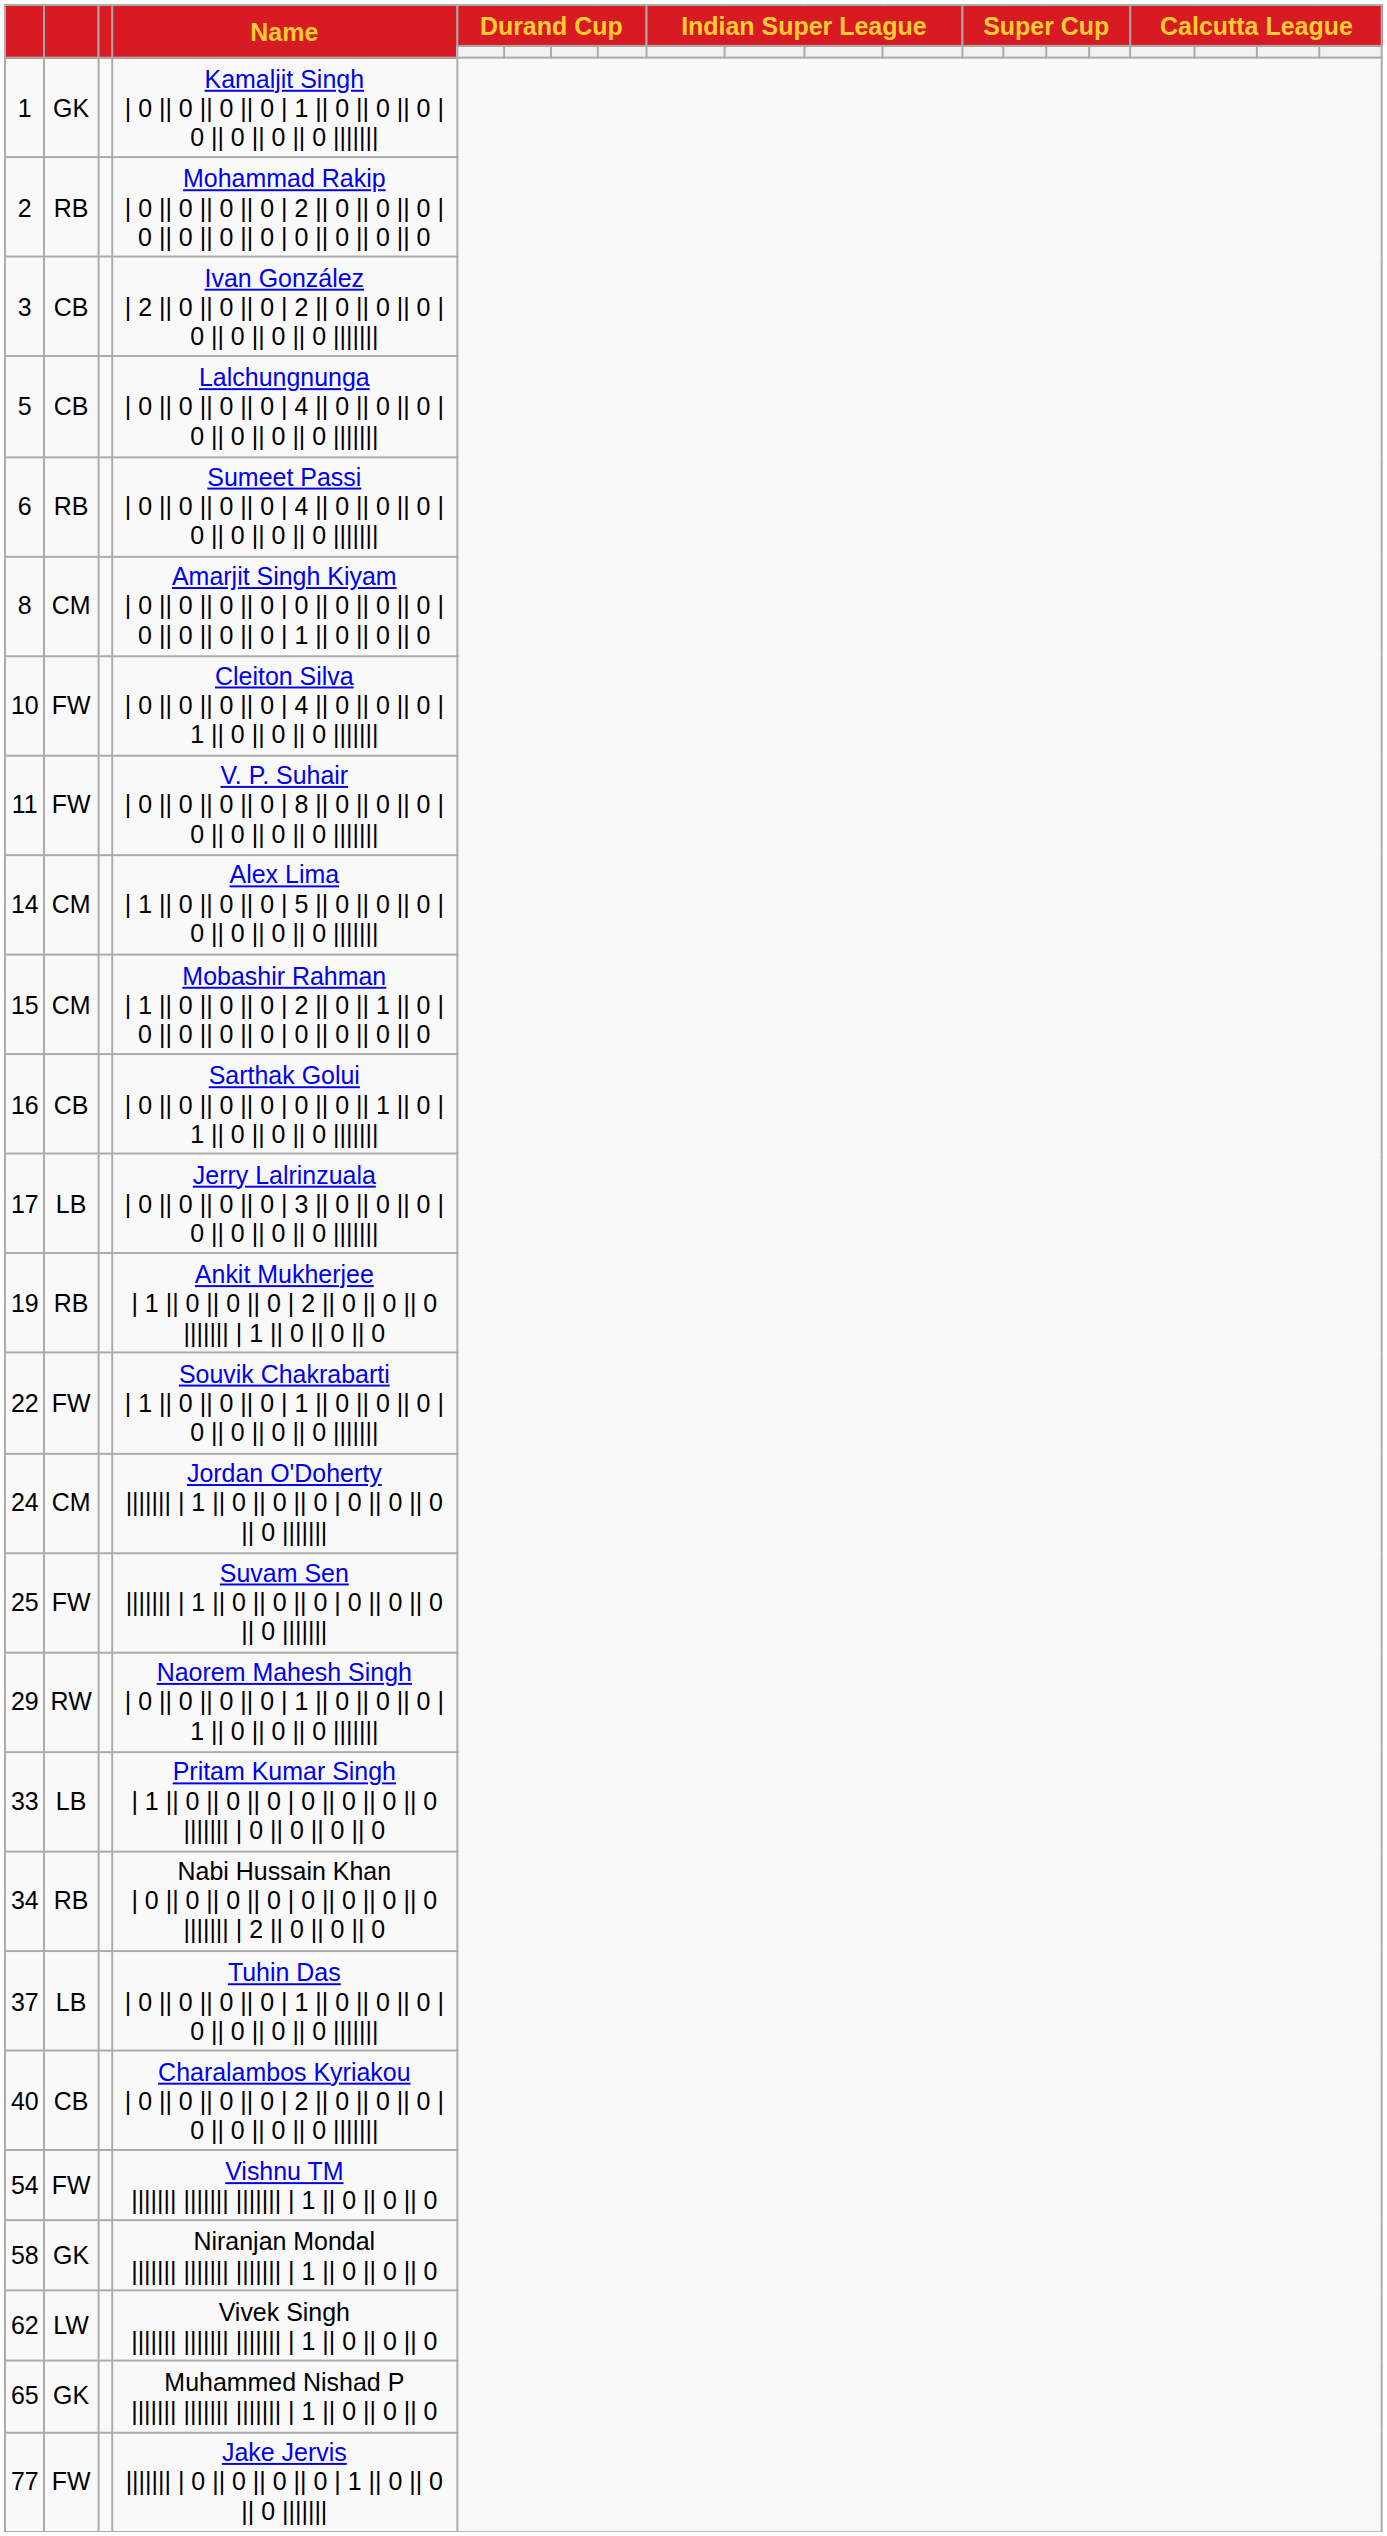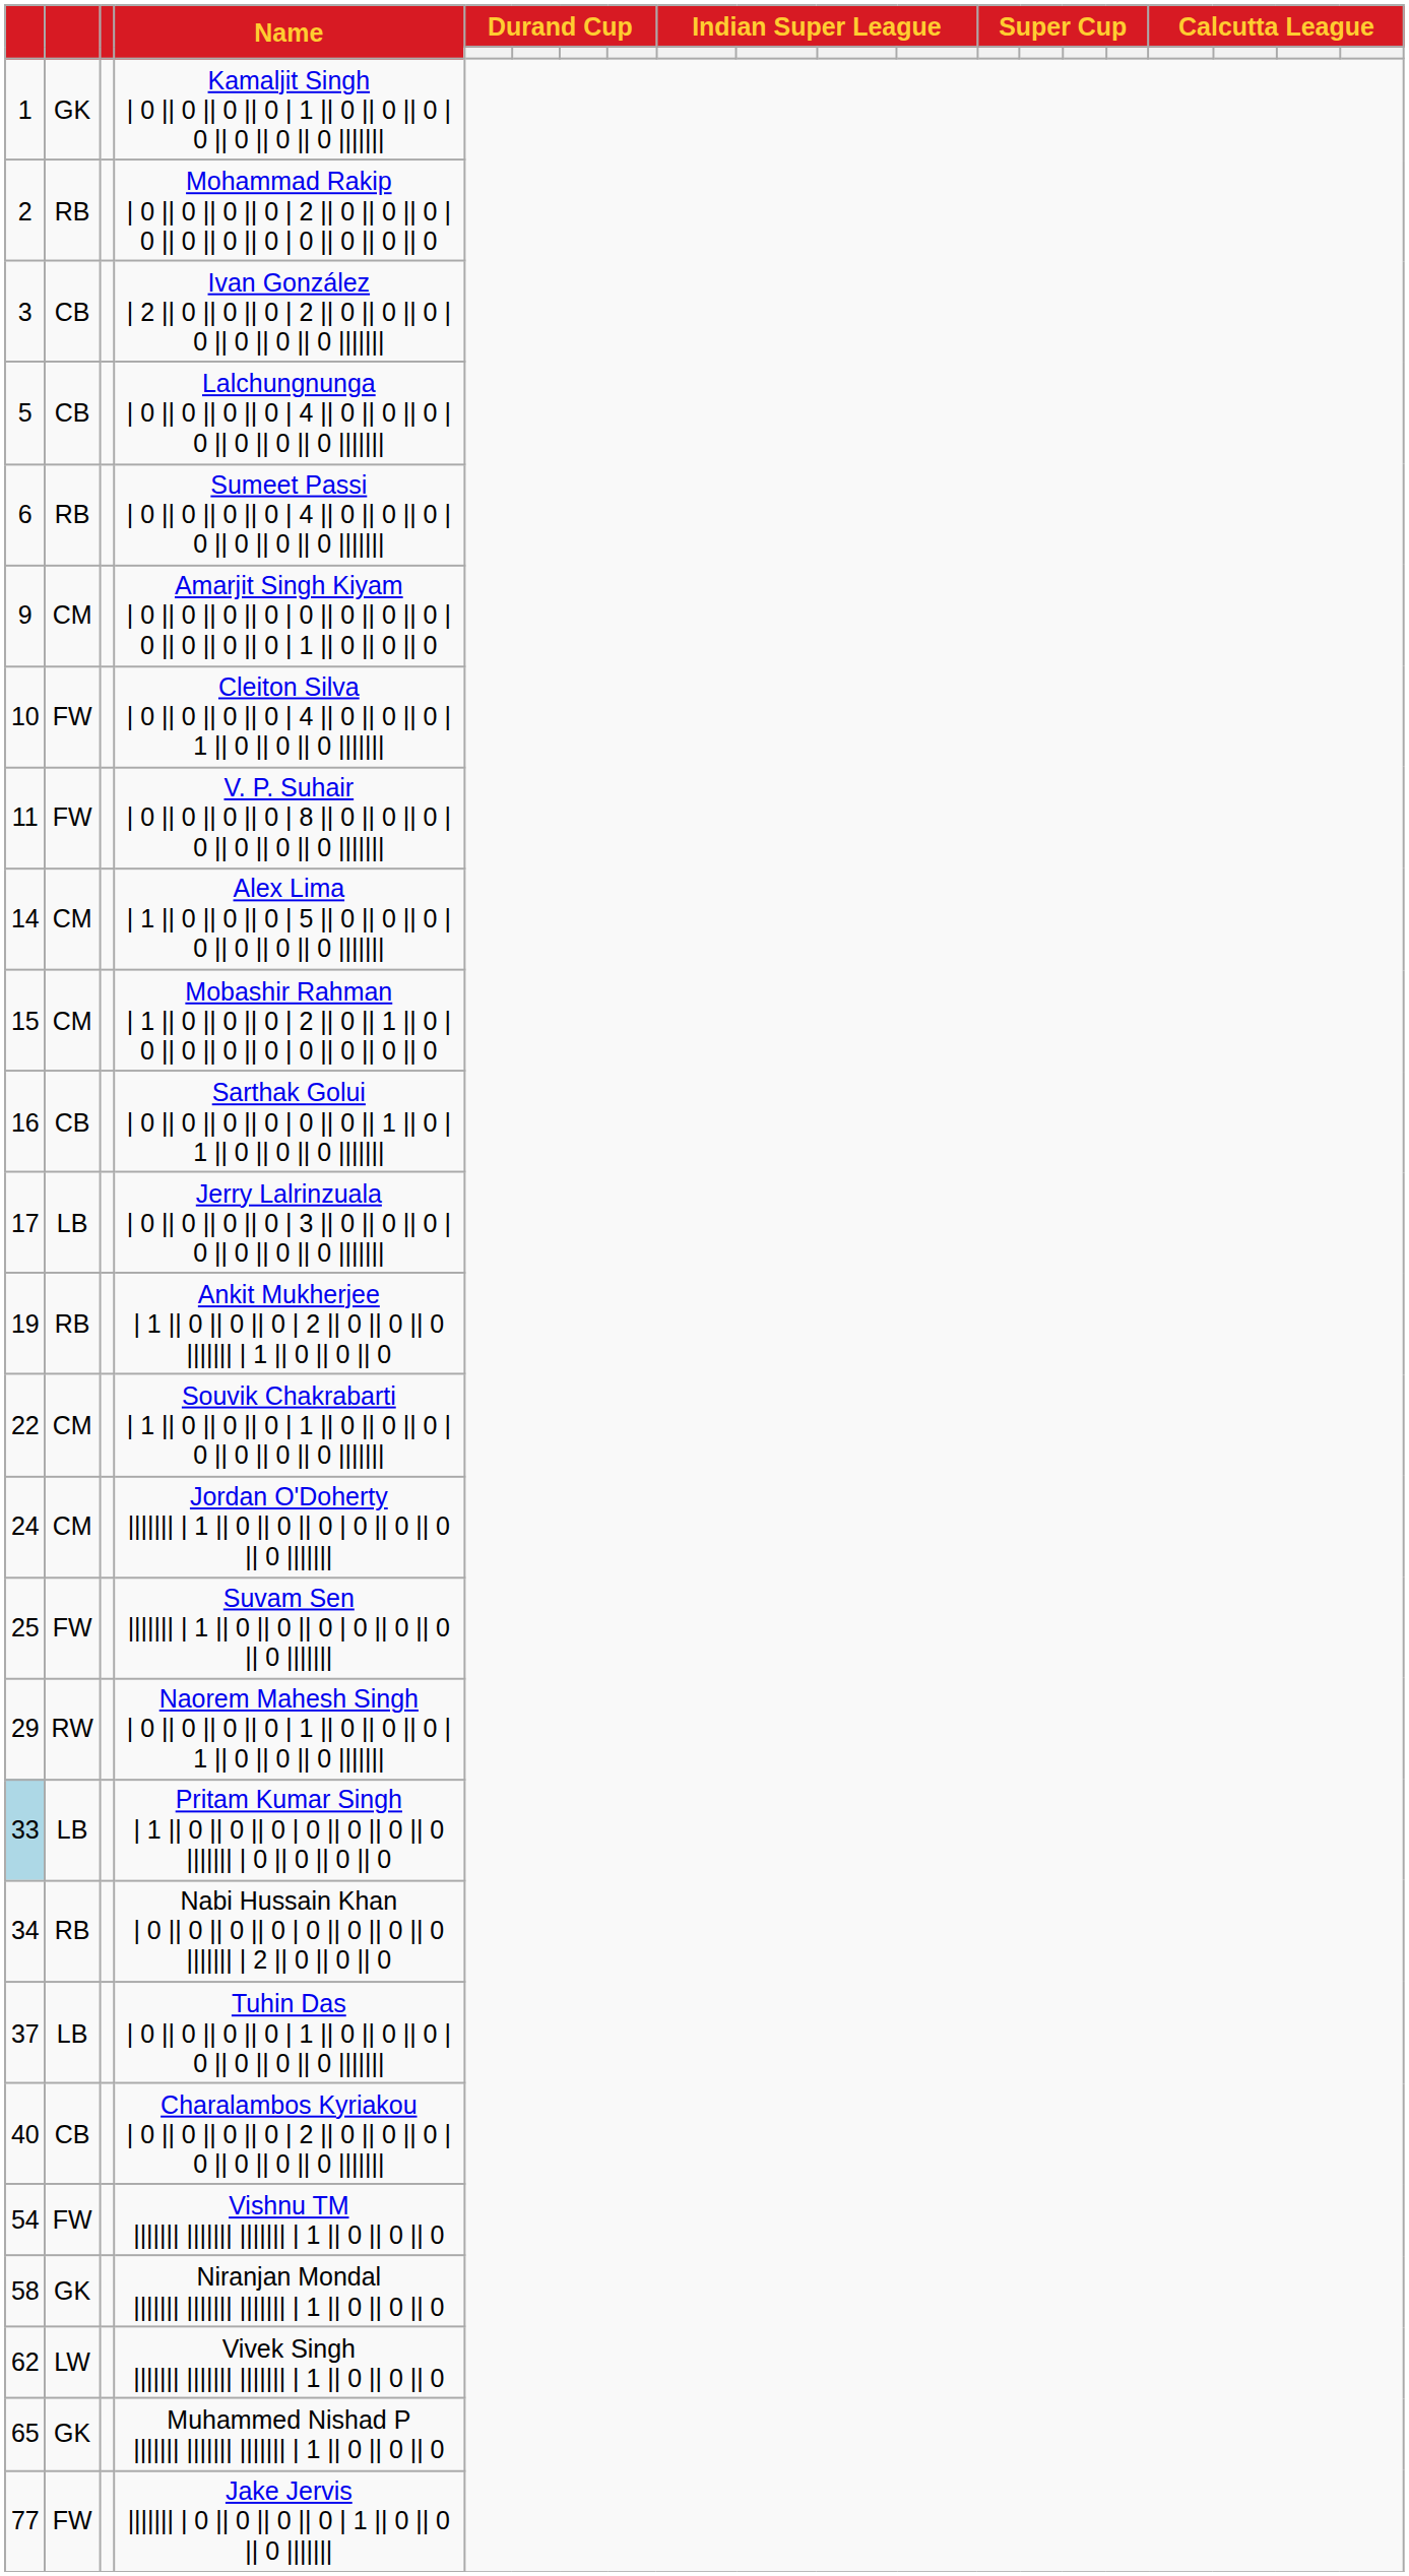 <table class="wikitable sortable" style="text-align:center; font-size:80%; width:80%;">
 <tr>
 <th style="background:#d71a23; color:#ffcd31; text-align:center; width:1%;" rowspan="2"></th>
 <th style="background:#d71a23; color:#ffcd31; text-align:center; width:1%;" rowspan="2"></th>
 <th style="background:#d71a23; color:#ffcd31; text-align:center;" rowspan="2"></th>
 <th style="background:#d71a23; color:#ffcd31; text-align:center; width:25%;" rowspan="2">Name</th>
 <th colspan="4" style="background:#d71a23; color:#ffcd31; text-align:center;">Durand Cup</th>
 <th colspan="4" style="background:#d71a23; color:#ffcd31; text-align:center;">Indian Super League</th>
 <th colspan="4" style="background:#d71a23; color:#ffcd31; text-align:center;">Super Cup</th>
 <th colspan="4" style="background:#d71a23; color:#ffcd31; text-align:center;">Calcutta League</th>
 </tr>
 <tr>
 <th></th>
 <th></th>
 <th></th>
 <th></th>
 <th></th>
 <th></th>
 <th></th>
 <th></th>
 <th></th>
 <th></th>
 <th></th>
 <th></th>
 <th></th>
 <th></th>
 <th></th>
 <th></th>
 </tr>
 <tr>
 <td>1</td>
 <td>GK</td>
 <td></td>
 <td><a href='#'>Kamaljit Singh</a><br>| 0 || 0 || 0 || 0 | 1 || 0 || 0 || 0 | 0 || 0 || 0 || 0 |||||||</td>
 </tr>
 <tr>
 <td>2</td>
 <td>RB</td>
 <td></td>
 <td><a href='#'>Mohammad Rakip</a><br>| 0 || 0 || 0 || 0 | 2 || 0 || 0 || 0 | 0 || 0 || 0 || 0 | 0 || 0 || 0 || 0</td>
 </tr>
 <tr>
 <td>3</td>
 <td>CB</td>
 <td></td>
 <td><a href='#'>Ivan González</a><br>| 2 || 0 || 0 || 0 | 2 || 0 || 0 || 0 | 0 || 0 || 0 || 0 |||||||</td>
 </tr>
 <tr>
 <td>5</td>
 <td>CB</td>
 <td></td>
 <td><a href='#'>Lalchungnunga</a><br>| 0 || 0 || 0 || 0 | 4 || 0 || 0 || 0 | 0 || 0 || 0 || 0 |||||||</td>
 </tr>
 <tr>
 <td>6</td>
 <td>RB</td>
 <td></td>
 <td><a href='#'>Sumeet Passi</a><br>| 0 || 0 || 0 || 0 | 4 || 0 || 0 || 0 | 0 || 0 || 0 || 0 |||||||</td>
 </tr>
 <tr>
-<td>8</td>
+<td>9</td>
 <td>CM</td>
 <td></td>
 <td><a href='#'>Amarjit Singh Kiyam</a><br>| 0 || 0 || 0 || 0 | 0 || 0 || 0 || 0 | 0 || 0 || 0 || 0 | 1 || 0 || 0 || 0</td>
 </tr>
 <tr>
 <td>10</td>
 <td>FW</td>
 <td></td>
 <td><a href='#'>Cleiton Silva</a><br>| 0 || 0 || 0 || 0 | 4 || 0 || 0 || 0 | 1 || 0 || 0 || 0 |||||||</td>
 </tr>
 <tr>
 <td>11</td>
 <td>FW</td>
 <td></td>
 <td><a href='#'>V. P. Suhair</a><br>| 0 || 0 || 0 || 0 | 8 || 0 || 0 || 0 | 0 || 0 || 0 || 0 |||||||</td>
 </tr>
 <tr>
 <td>14</td>
 <td>CM</td>
 <td></td>
 <td><a href='#'>Alex Lima</a><br>| 1 || 0 || 0 || 0 | 5 || 0 || 0 || 0 | 0 || 0 || 0 || 0 |||||||</td>
 </tr>
 <tr>
 <td>15</td>
 <td>CM</td>
 <td></td>
 <td><a href='#'>Mobashir Rahman</a><br>| 1 || 0 || 0 || 0 | 2 || 0 || 1 || 0 | 0 || 0 || 0 || 0 | 0 || 0 || 0 || 0</td>
 </tr>
 <tr>
 <td>16</td>
 <td>CB</td>
 <td></td>
 <td><a href='#'>Sarthak Golui</a><br>| 0 || 0 || 0 || 0 | 0 || 0 || 1 || 0 | 1 || 0 || 0 || 0 |||||||</td>
 </tr>
 <tr>
 <td>17</td>
 <td>LB</td>
 <td></td>
 <td><a href='#'>Jerry Lalrinzuala</a><br>| 0 || 0 || 0 || 0 | 3 || 0 || 0 || 0 | 0 || 0 || 0 || 0 |||||||</td>
 </tr>
 <tr>
 <td>19</td>
 <td>RB</td>
 <td></td>
 <td><a href='#'>Ankit Mukherjee</a><br>| 1 || 0 || 0 || 0 | 2 || 0 || 0 || 0 ||||||| | 1 || 0 || 0 || 0</td>
 </tr>
 <tr>
 <td>22</td>
-<td>FW</td>
+<td>CM</td>
 <td></td>
 <td><a href='#'>Souvik Chakrabarti</a><br>| 1 || 0 || 0 || 0 | 1 || 0 || 0 || 0 | 0 || 0 || 0 || 0 |||||||</td>
 </tr>
 <tr>
 <td>24</td>
 <td>CM</td>
 <td></td>
 <td><a href='#'>Jordan O'Doherty</a><br>||||||| | 1 || 0 || 0 || 0 | 0 || 0 || 0 || 0 |||||||</td>
 </tr>
 <tr>
 <td>25</td>
 <td>FW</td>
 <td></td>
 <td><a href='#'>Suvam Sen</a><br>||||||| | 1 || 0 || 0 || 0 | 0 || 0 || 0 || 0 |||||||</td>
 </tr>
 <tr>
 <td>29</td>
 <td>RW</td>
 <td></td>
 <td><a href='#'>Naorem Mahesh Singh</a><br>| 0 || 0 || 0 || 0 | 1 || 0 || 0 || 0 | 1 || 0 || 0 || 0 |||||||</td>
 </tr>
 <tr>
-<td>33</td>
+<td style="background: lightblue;">33</td>
 <td>LB</td>
 <td></td>
 <td><a href='#'>Pritam Kumar Singh</a><br>| 1 || 0 || 0 || 0 | 0 || 0 || 0 || 0 ||||||| | 0 || 0 || 0 || 0</td>
 </tr>
 <tr>
 <td>34</td>
 <td>RB</td>
 <td></td>
 <td>Nabi Hussain Khan<br>| 0 || 0 || 0 || 0 | 0 || 0 || 0 || 0 ||||||| | 2 || 0 || 0 || 0</td>
 </tr>
 <tr>
 <td>37</td>
 <td>LB</td>
 <td></td>
 <td><a href='#'>Tuhin Das</a><br>| 0 || 0 || 0 || 0 | 1 || 0 || 0 || 0 | 0 || 0 || 0 || 0 |||||||</td>
 </tr>
 <tr>
 <td>40</td>
 <td>CB</td>
 <td></td>
 <td><a href='#'>Charalambos Kyriakou</a><br>| 0 || 0 || 0 || 0 | 2 || 0 || 0 || 0 | 0 || 0 || 0 || 0 |||||||</td>
 </tr>
 <tr>
 <td>54</td>
 <td>FW</td>
 <td></td>
 <td><a href='#'>Vishnu TM</a><br>||||||| ||||||| ||||||| | 1 || 0 || 0 || 0</td>
 </tr>
 <tr>
 <td>58</td>
 <td>GK</td>
 <td></td>
 <td>Niranjan Mondal<br>||||||| ||||||| ||||||| | 1 || 0 || 0 || 0</td>
 </tr>
 <tr>
 <td>62</td>
 <td>LW</td>
 <td></td>
 <td>Vivek Singh<br>||||||| ||||||| ||||||| | 1 || 0 || 0 || 0</td>
 </tr>
 <tr>
 <td>65</td>
 <td>GK</td>
 <td></td>
 <td>Muhammed Nishad P<br>||||||| ||||||| ||||||| | 1 || 0 || 0 || 0</td>
 </tr>
 <tr>
 <td>77</td>
 <td>FW</td>
 <td></td>
 <td><a href='#'>Jake Jervis</a><br>||||||| | 0 || 0 || 0 || 0 | 1 || 0 || 0 || 0 |||||||</td>
 </tr>
 <tr>
 </tr>
 </table>
